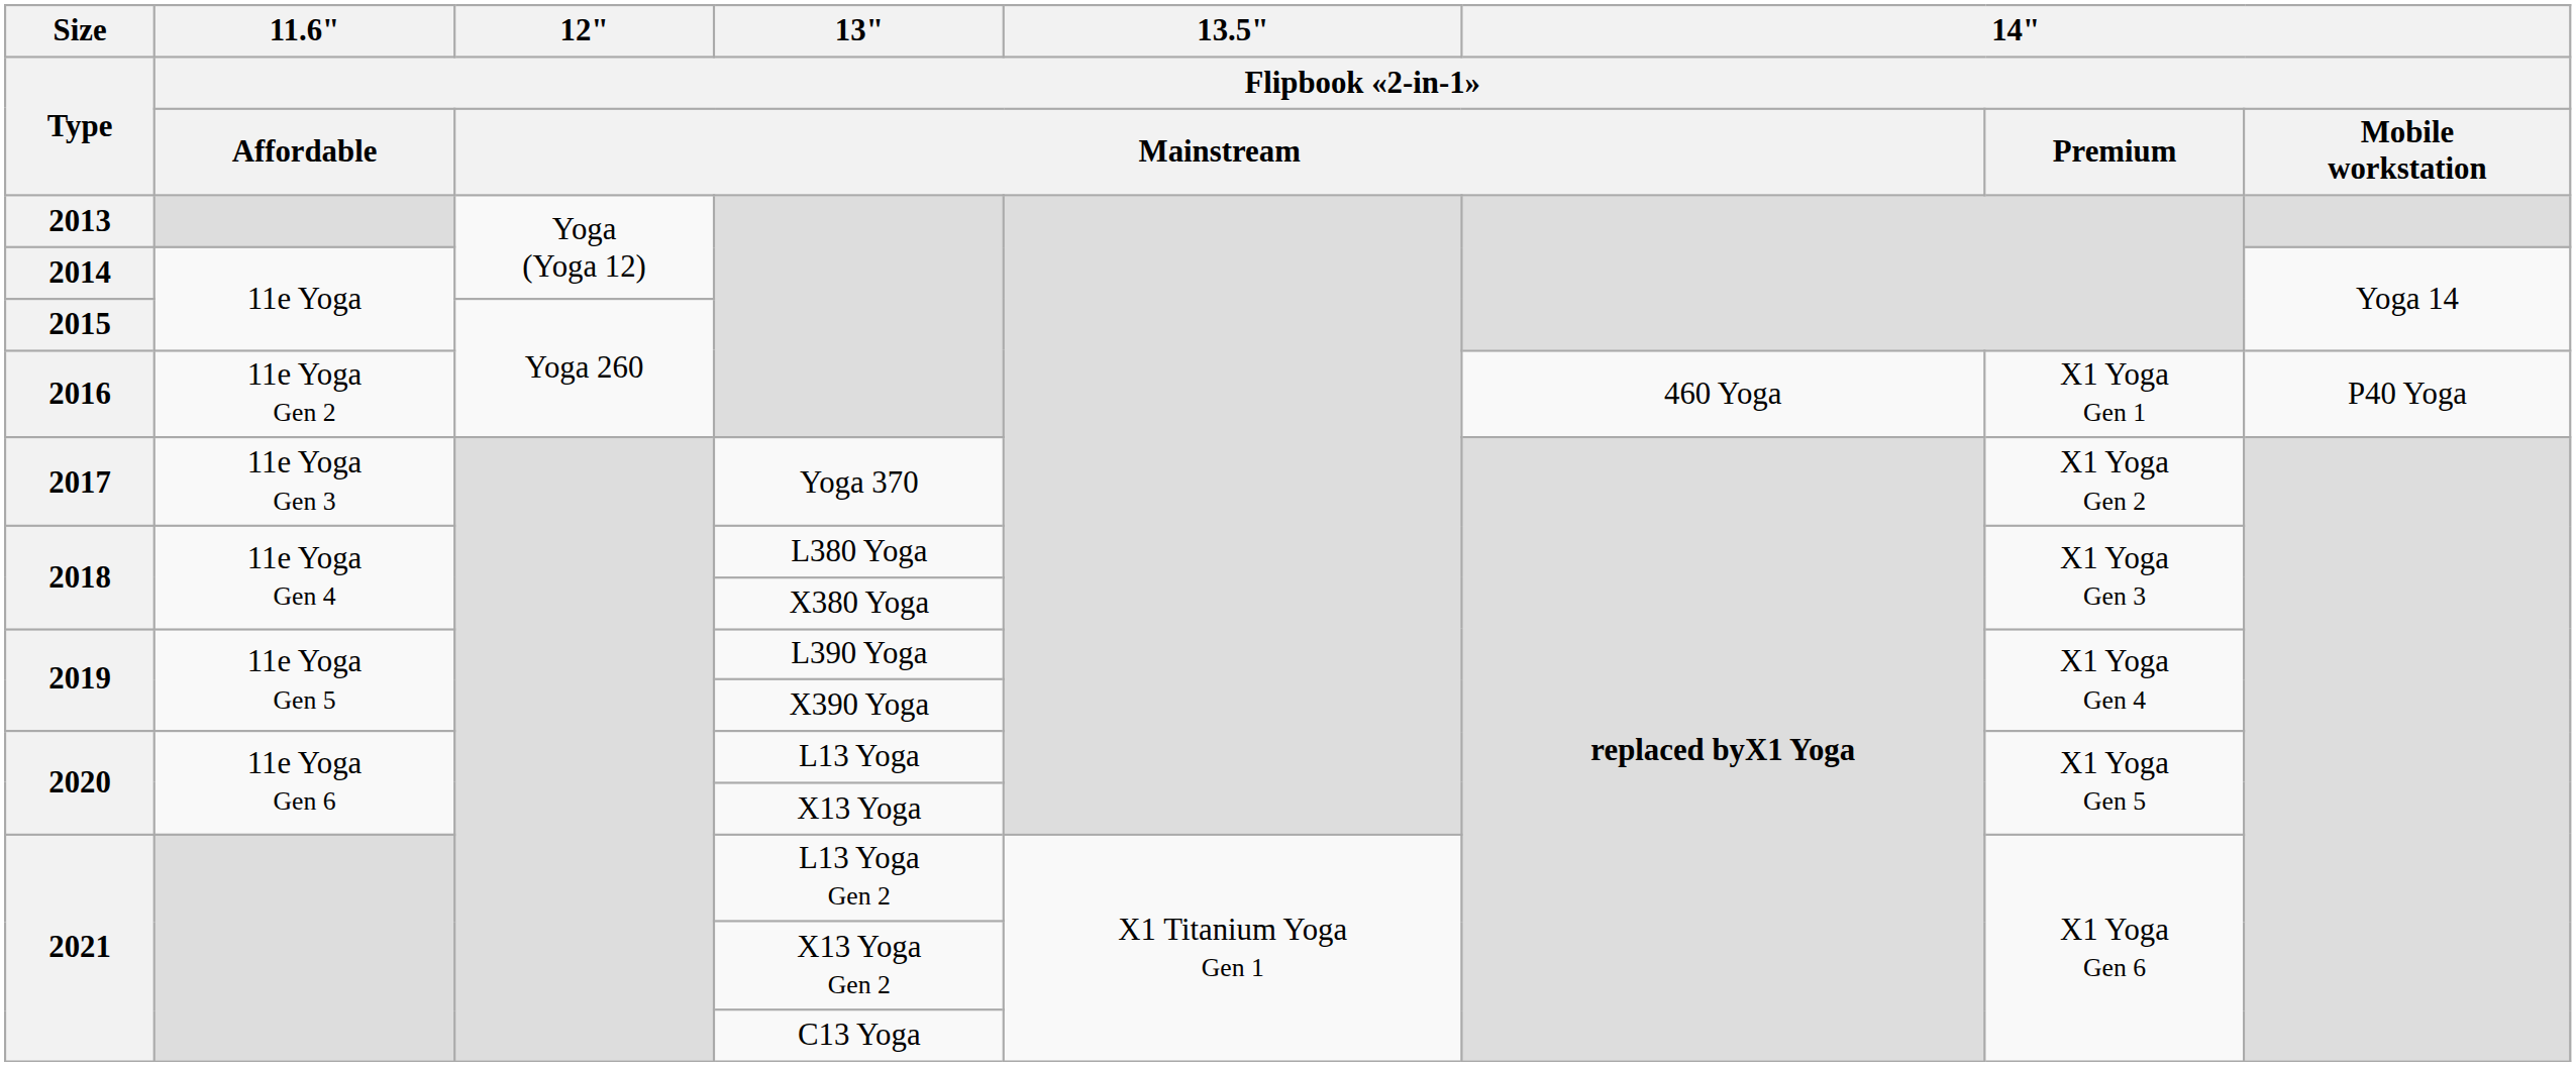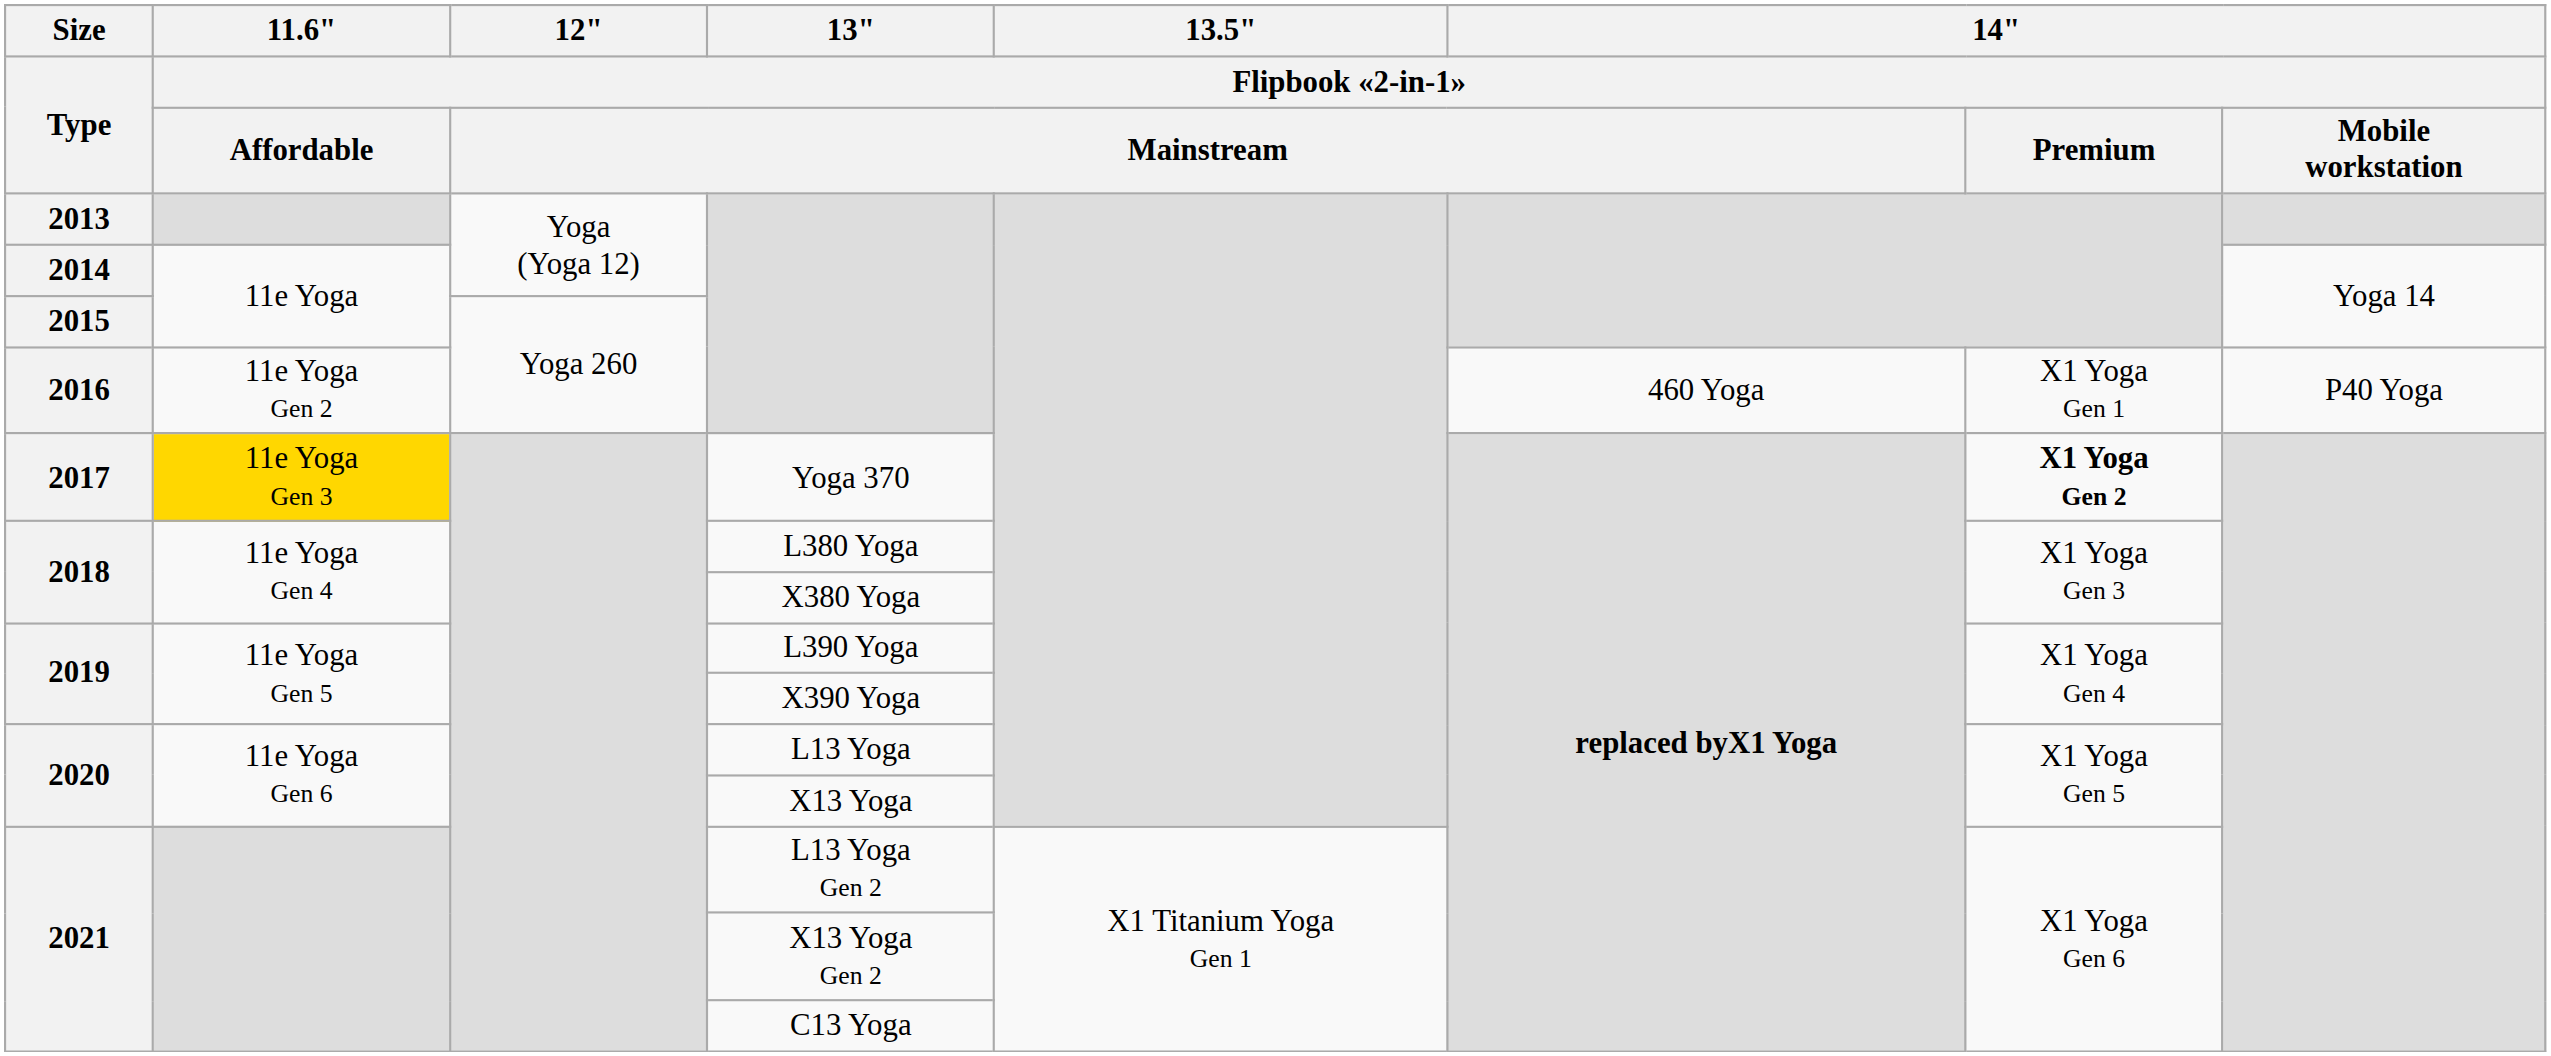 <table class="wikitable mw-collapsible mw-collapsed" style="min-width: 75%; font-size: 90%; text-align:center;">
 <tr>
 <th>Size</th>
 <th>11.6"</th>
 <th>12"</th>
 <th>13"</th>
 <th>13.5"</th>
 <th colspan=3>14"</th>
 </tr>
 <tr>
 <th rowspan=2>Type</th>
 <th colspan="7">Flipbook «2-in-1»</th>
 </tr>
 <tr>
 <th>Affordable</th>
 <th colspan="4">Mainstream</th>
 <th>Premium</th>
 <th>Mobile<br>workstation</th>
 </tr>
 <tr>
 <th>2013</th>
 <td style="background:#ddd;"> </td>
 <td rowspan=2>Yoga<br>(Yoga 12)</td>
 <td rowspan=4 style="background:#ddd;"> </td>
 <td rowspan="11" style="background:#ddd;"> </td>
 <td colspan="2" rowspan="3" style="background:#ddd;"> </td>
 <td style="background:#ddd;"> </td>
 </tr>
 <tr>
 <th>2014</th>
 <td rowspan="2">11e Yoga</td>
 <td rowspan=2>Yoga 14</td>
 </tr>
 <tr>
 <th>2015</th>
 <td rowspan=2>Yoga 260</td>
 </tr>
 <tr>
 <th>2016</th>
 <td>11e Yoga<br><small>Gen 2</small></td>
 <td>460 Yoga</td>
 <td>X1 Yoga<br><small>Gen 1</small></td>
 <td>P40 Yoga</td>
 </tr>
 <tr>
 <th>2017</th>
-<td>11e Yoga<br><small>Gen 3</small></td>
+<td style="background: gold;">11e Yoga<br><small>Gen 3</small></td>
 <td rowspan="10" style="background:#ddd;"> </td>
 <td>Yoga 370</td>
 <td rowspan="10" style="background:#ddd;"><strong>replaced byX1 Yoga</strong></td>
-<td>X1 Yoga<br><small>Gen 2</small></td>
+<td><strong>X1 Yoga<br><small>Gen 2</small></strong></td>
 <td rowspan="10" style="background:#ddd;"> </td>
 </tr>
 <tr>
 <th rowspan=2>2018</th>
 <td rowspan=2>11e Yoga<br><small>Gen 4</small></td>
 <td>L380 Yoga</td>
 <td rowspan=2>X1 Yoga<br><small>Gen 3</small></td>
 </tr>
 <tr>
 <td>X380 Yoga</td>
 </tr>
 <tr>
 <th rowspan=2>2019</th>
 <td rowspan=2>11e Yoga<br><small>Gen 5</small></td>
 <td>L390 Yoga</td>
 <td rowspan=2>X1 Yoga<br><small>Gen 4</small></td>
 </tr>
 <tr>
 <td>X390 Yoga</td>
 </tr>
 <tr>
 <th rowspan=2>2020</th>
 <td rowspan=2>11e Yoga<br><small>Gen 6</small></td>
 <td>L13 Yoga</td>
 <td rowspan=2>X1 Yoga<br><small>Gen 5</small></td>
 </tr>
 <tr>
 <td>X13 Yoga</td>
 </tr>
 <tr>
 <th rowspan="3">2021</th>
 <td rowspan="3" style="background:#ddd;"> </td>
 <td>L13 Yoga<br><small>Gen 2</small></td>
 <td rowspan="3">X1 Titanium Yoga<br><small>Gen 1</small></td>
 <td rowspan="3">X1 Yoga<br><small>Gen 6</small></td>
 </tr>
 <tr>
 <td>X13 Yoga<br><small>Gen 2</small></td>
 </tr>
 <tr>
 <td>C13 Yoga</td>
 </tr>
 </table>
